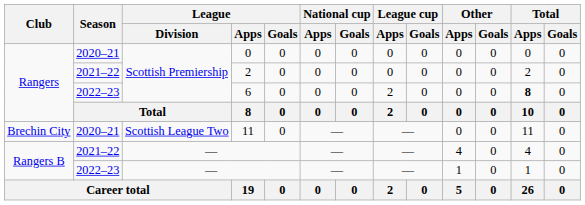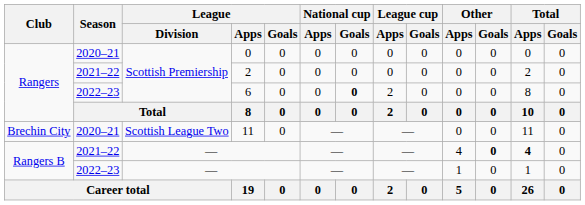 <table class="wikitable" style="text-align:center">
 <tr>
 <th rowspan="2">Club</th>
 <th rowspan="2">Season</th>
 <th colspan="3">League</th>
 <th colspan="2">National cup</th>
 <th colspan="2">League cup</th>
 <th colspan="2">Other</th>
 <th colspan="2">Total</th>
 </tr>
 <tr>
 <th>Division</th>
 <th>Apps</th>
 <th>Goals</th>
 <th>Apps</th>
 <th>Goals</th>
 <th>Apps</th>
 <th>Goals</th>
 <th>Apps</th>
 <th>Goals</th>
 <th>Apps</th>
 <th>Goals</th>
 </tr>
 <tr>
 <td rowspan="4"><a href='#'>Rangers</a></td>
 <td><a href='#'>2020–21</a></td>
 <td rowspan="3"><a href='#'>Scottish Premiership</a></td>
 <td>0</td>
 <td>0</td>
 <td>0</td>
 <td>0</td>
 <td>0</td>
 <td>0</td>
 <td>0</td>
 <td>0</td>
 <td>0</td>
 <td>0</td>
 </tr>
 <tr>
 <td><a href='#'>2021–22</a></td>
 <td>2</td>
 <td>0</td>
 <td>0</td>
 <td>0</td>
 <td>0</td>
 <td>0</td>
 <td>0</td>
 <td>0</td>
 <td>2</td>
 <td>0</td>
 </tr>
 <tr>
 <td><a href='#'>2022–23</a></td>
 <td>6</td>
 <td>0</td>
 <td>0</td>
-<td>0</td>
+<td><strong>0</strong></td>
 <td>2</td>
 <td>0</td>
 <td>0</td>
 <td>0</td>
-<td><strong>8</strong></td>
+<td>8</td>
 <td>0</td>
 </tr>
 <tr>
 <th colspan="2">Total</th>
 <th>8</th>
 <th>0</th>
 <th>0</th>
 <th>0</th>
 <th>2</th>
 <th>0</th>
 <th>0</th>
 <th>0</th>
 <th>10</th>
 <th>0</th>
 </tr>
 <tr>
 <td><a href='#'>Brechin City</a></td>
 <td><a href='#'>2020–21</a></td>
 <td><a href='#'>Scottish League Two</a></td>
 <td>11</td>
 <td>0</td>
 <td colspan="2">—</td>
 <td colspan="2">—</td>
 <td>0</td>
 <td>0</td>
 <td>11</td>
 <td>0</td>
 </tr>
 <tr>
 <td rowspan="2"><a href='#'>Rangers B</a></td>
 <td><a href='#'>2021–22</a></td>
 <td colspan="3">—</td>
 <td colspan="2">—</td>
 <td colspan="2">—</td>
 <td>4</td>
-<td>0</td>
-<td>4</td>
+<td><strong>0</strong></td>
+<td><strong>4</strong></td>
 <td>0</td>
 </tr>
 <tr>
 <td><a href='#'>2022–23</a></td>
 <td colspan="3">—</td>
 <td colspan="2">—</td>
 <td colspan="2">—</td>
 <td>1</td>
 <td>0</td>
 <td>1</td>
 <td>0</td>
 </tr>
 <tr>
 <th colspan="3">Career total</th>
 <th>19</th>
 <th>0</th>
 <th>0</th>
 <th>0</th>
 <th>2</th>
 <th>0</th>
 <th>5</th>
 <th>0</th>
 <th>26</th>
 <th>0</th>
 </tr>
 </table>
